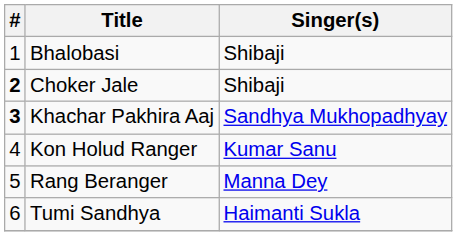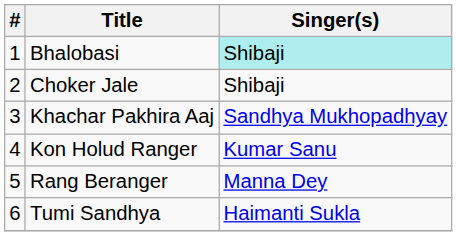 <table class="wikitable">
 <tr>
 <th>#</th>
 <th>Title</th>
 <th>Singer(s)</th>
 </tr>
 <tr>
 <td>1</td>
 <td>Bhalobasi</td>
-<td>Shibaji</td>
+<td style="background: paleturquoise;">Shibaji</td>
 </tr>
 <tr>
-<td><strong>2</strong></td>
+<td>2</td>
 <td>Choker Jale</td>
 <td>Shibaji</td>
 </tr>
 <tr>
-<td><strong>3</strong></td>
+<td>3</td>
 <td>Khachar Pakhira Aaj</td>
 <td><a href='#'>Sandhya Mukhopadhyay</a></td>
 </tr>
 <tr>
 <td>4</td>
 <td>Kon Holud Ranger</td>
 <td><a href='#'>Kumar Sanu</a></td>
 </tr>
 <tr>
 <td>5</td>
 <td>Rang Beranger</td>
 <td><a href='#'>Manna Dey</a></td>
 </tr>
 <tr>
 <td>6</td>
 <td>Tumi Sandhya</td>
 <td><a href='#'>Haimanti Sukla</a></td>
 </tr>
 <tr>
 </tr>
 </table>
